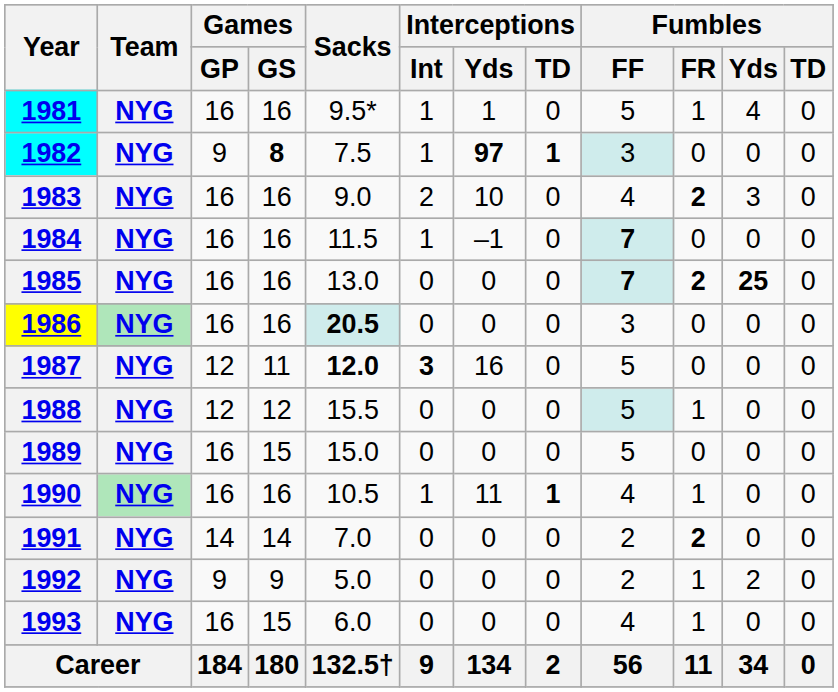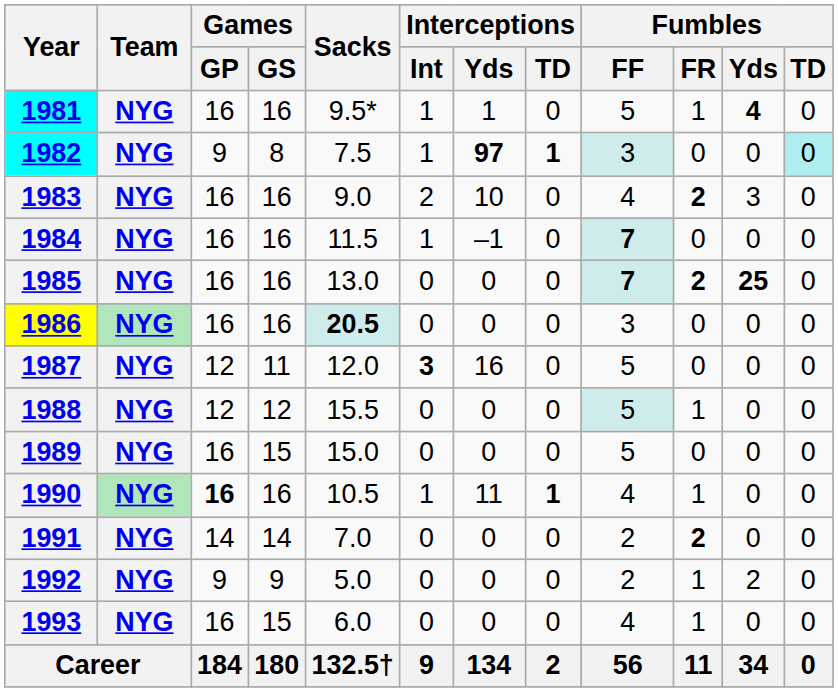 <table class="wikitable" style="text-align:center;">
 <tr>
 <th rowspan="2">Year</th>
 <th rowspan="2">Team</th>
 <th colspan="2">Games</th>
 <th rowspan="2">Sacks</th>
 <th colspan="3">Interceptions</th>
 <th colspan="4">Fumbles</th>
 </tr>
 <tr>
 <th>GP</th>
 <th>GS</th>
 <th>Int</th>
 <th>Yds</th>
 <th>TD</th>
 <th>FF</th>
 <th>FR</th>
 <th>Yds</th>
 <th>TD</th>
 </tr>
 <tr>
 <th style="background:#00ffff; width:3em;"><a href='#'>1981</a></th>
 <th><a href='#'>NYG</a></th>
 <td>16</td>
 <td>16</td>
 <td>9.5*</td>
 <td>1</td>
 <td>1</td>
 <td>0</td>
 <td>5</td>
 <td>1</td>
-<td>4</td>
+<td><strong>4</strong></td>
 <td>0</td>
 </tr>
 <tr>
 <th style="background:#00ffff; width:3em;"><a href='#'>1982</a></th>
 <th><a href='#'>NYG</a></th>
 <td>9</td>
-<td><strong>8</strong></td>
+<td>8</td>
 <td>7.5</td>
 <td>1</td>
 <td><strong>97</strong></td>
 <td><strong>1</strong></td>
 <td style="background:#cfecec; width:3em;">3</td>
 <td>0</td>
 <td>0</td>
-<td>0</td>
+<td style="background: paleturquoise;">0</td>
 </tr>
 <tr>
 <th><a href='#'>1983</a></th>
 <th><a href='#'>NYG</a></th>
 <td>16</td>
 <td>16</td>
 <td>9.0</td>
 <td>2</td>
 <td>10</td>
 <td>0</td>
 <td>4</td>
 <td><strong>2</strong></td>
 <td>3</td>
 <td>0</td>
 </tr>
 <tr>
 <th><a href='#'>1984</a></th>
 <th><a href='#'>NYG</a></th>
 <td>16</td>
 <td>16</td>
 <td>11.5</td>
 <td>1</td>
 <td>–1</td>
 <td>0</td>
 <td style="background:#cfecec; width:3em;"><strong>7</strong></td>
 <td>0</td>
 <td>0</td>
 <td>0</td>
 </tr>
 <tr>
 <th><a href='#'>1985</a></th>
 <th><a href='#'>NYG</a></th>
 <td>16</td>
 <td>16</td>
 <td>13.0</td>
 <td>0</td>
 <td>0</td>
 <td>0</td>
 <td style="background:#cfecec; width:3em;"><strong>7</strong></td>
 <td><strong>2</strong></td>
 <td><strong>25</strong></td>
 <td>0</td>
 </tr>
 <tr>
 <th style="background:#ffff00; width:3em;"><a href='#'>1986</a></th>
 <th style="background:#afe6ba; width:3em;"><a href='#'>NYG</a></th>
 <td>16</td>
 <td>16</td>
 <td style="background:#cfecec; width:3em;"><strong>20.5</strong></td>
 <td>0</td>
 <td>0</td>
 <td>0</td>
 <td>3</td>
 <td>0</td>
 <td>0</td>
 <td>0</td>
 </tr>
 <tr>
 <th><a href='#'>1987</a></th>
 <th><a href='#'>NYG</a></th>
 <td>12</td>
 <td>11</td>
-<td><strong>12.0</strong></td>
+<td>12.0</td>
 <td><strong>3</strong></td>
 <td>16</td>
 <td>0</td>
 <td>5</td>
 <td>0</td>
 <td>0</td>
 <td>0</td>
 </tr>
 <tr>
 <th><a href='#'>1988</a></th>
 <th><a href='#'>NYG</a></th>
 <td>12</td>
 <td>12</td>
 <td>15.5</td>
 <td>0</td>
 <td>0</td>
 <td>0</td>
 <td style="background:#cfecec; width:3em;">5</td>
 <td>1</td>
 <td>0</td>
 <td>0</td>
 </tr>
 <tr>
 <th><a href='#'>1989</a></th>
 <th><a href='#'>NYG</a></th>
 <td>16</td>
 <td>15</td>
 <td>15.0</td>
 <td>0</td>
 <td>0</td>
 <td>0</td>
 <td>5</td>
 <td>0</td>
 <td>0</td>
 <td>0</td>
 </tr>
 <tr>
 <th><a href='#'>1990</a></th>
 <th style="background:#afe6ba; width:3em;"><a href='#'>NYG</a></th>
-<td>16</td>
+<td><strong>16</strong></td>
 <td>16</td>
 <td>10.5</td>
 <td>1</td>
 <td>11</td>
 <td><strong>1</strong></td>
 <td>4</td>
 <td>1</td>
 <td>0</td>
 <td>0</td>
 </tr>
 <tr>
 <th><a href='#'>1991</a></th>
 <th><a href='#'>NYG</a></th>
 <td>14</td>
 <td>14</td>
 <td>7.0</td>
 <td>0</td>
 <td>0</td>
 <td>0</td>
 <td>2</td>
 <td><strong>2</strong></td>
 <td>0</td>
 <td>0</td>
 </tr>
 <tr>
 <th><a href='#'>1992</a></th>
 <th><a href='#'>NYG</a></th>
 <td>9</td>
 <td>9</td>
 <td>5.0</td>
 <td>0</td>
 <td>0</td>
 <td>0</td>
 <td>2</td>
 <td>1</td>
 <td>2</td>
 <td>0</td>
 </tr>
 <tr>
 <th><a href='#'>1993</a></th>
 <th><a href='#'>NYG</a></th>
 <td>16</td>
 <td>15</td>
 <td>6.0</td>
 <td>0</td>
 <td>0</td>
 <td>0</td>
 <td>4</td>
 <td>1</td>
 <td>0</td>
 <td>0</td>
 </tr>
 <tr>
 <th colspan="2">Career</th>
 <th>184</th>
 <th>180</th>
 <th>132.5†</th>
 <th>9</th>
 <th>134</th>
 <th>2</th>
 <th>56</th>
 <th>11</th>
 <th>34</th>
 <th>0</th>
 </tr>
 </table>
